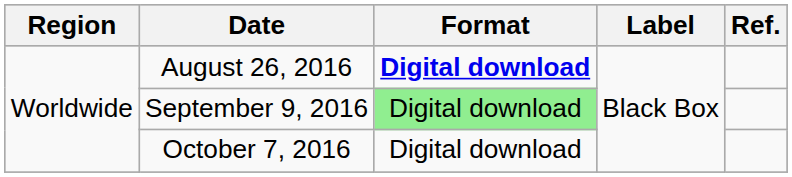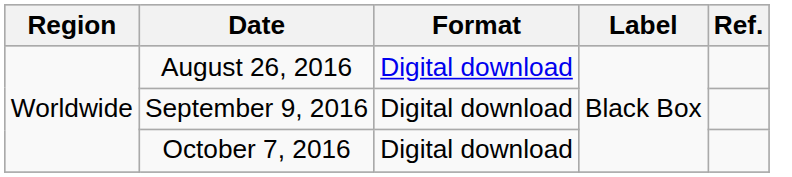 <table class="wikitable sortable plainrowheaders" style="text-align:center">
 <tr>
 <th scope="col">Region</th>
 <th scope="col">Date</th>
 <th scope="col">Format</th>
 <th scope="col">Label</th>
 <th scope="col">Ref.</th>
 </tr>
 <tr>
 <td rowspan="3" scope="row">Worldwide</td>
 <td>August 26, 2016</td>
-<td><strong><a href='#'>Digital download</a></strong></td>
+<td><a href='#'>Digital download</a></td>
 <td rowspan="3">Black Box</td>
 <td></td>
 </tr>
 <tr>
 <td>September 9, 2016</td>
-<td style="background: lightgreen;">Digital download<br></td>
+<td>Digital download<br></td>
 <td></td>
 </tr>
 <tr>
 <td>October 7, 2016</td>
 <td>Digital download<br></td>
 <td></td>
 </tr>
 </table>
